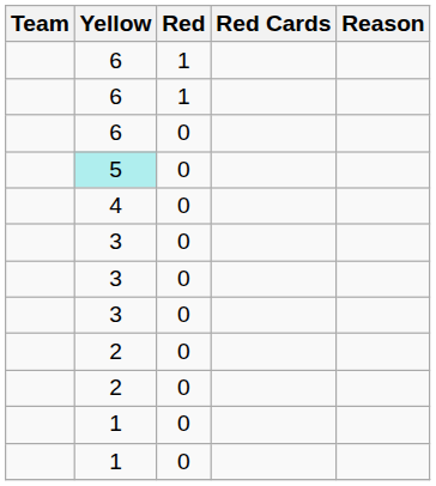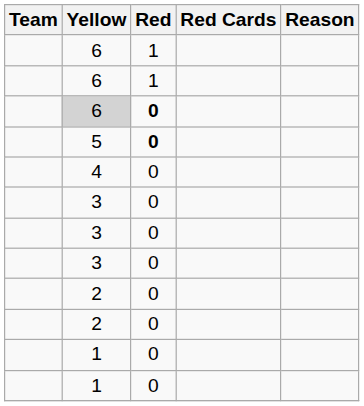 <table class="wikitable sortable" style="text-align:center;">
 <tr>
 <th>Team</th>
 <th> Yellow</th>
 <th> Red</th>
 <th>Red Cards</th>
 <th>Reason</th>
 </tr>
 <tr>
 <td align=left></td>
 <td>6</td>
 <td>1</td>
 <td></td>
 <td></td>
 </tr>
 <tr>
 <td align=left></td>
 <td>6</td>
 <td>1</td>
 <td></td>
 <td></td>
 </tr>
 <tr>
 <td align=left></td>
-<td>6</td>
-<td>0</td>
+<td style="background: lightgrey;">6</td>
+<td><strong>0</strong></td>
 <td></td>
 <td></td>
 </tr>
 <tr>
 <td align=left></td>
-<td style="background: paleturquoise;">5</td>
-<td>0</td>
+<td>5</td>
+<td><strong>0</strong></td>
 <td></td>
 <td></td>
 </tr>
 <tr>
 <td align=left></td>
 <td>4</td>
 <td>0</td>
 <td></td>
 <td></td>
 </tr>
 <tr>
 <td align=left></td>
 <td>3</td>
 <td>0</td>
 <td></td>
 <td></td>
 </tr>
 <tr>
 <td align=left></td>
 <td>3</td>
 <td>0</td>
 <td></td>
 <td></td>
 </tr>
 <tr>
 <td align=left></td>
 <td>3</td>
 <td>0</td>
 <td></td>
 <td></td>
 </tr>
 <tr>
 <td align=left></td>
 <td>2</td>
 <td>0</td>
 <td></td>
 <td></td>
 </tr>
 <tr>
 <td align=left></td>
 <td>2</td>
 <td>0</td>
 <td></td>
 <td></td>
 </tr>
 <tr>
 <td align=left></td>
 <td>1</td>
 <td>0</td>
 <td></td>
 <td></td>
 </tr>
 <tr>
 <td align=left></td>
 <td>1</td>
 <td>0</td>
 <td></td>
 <td></td>
 </tr>
 <tr>
 </tr>
 </table>
